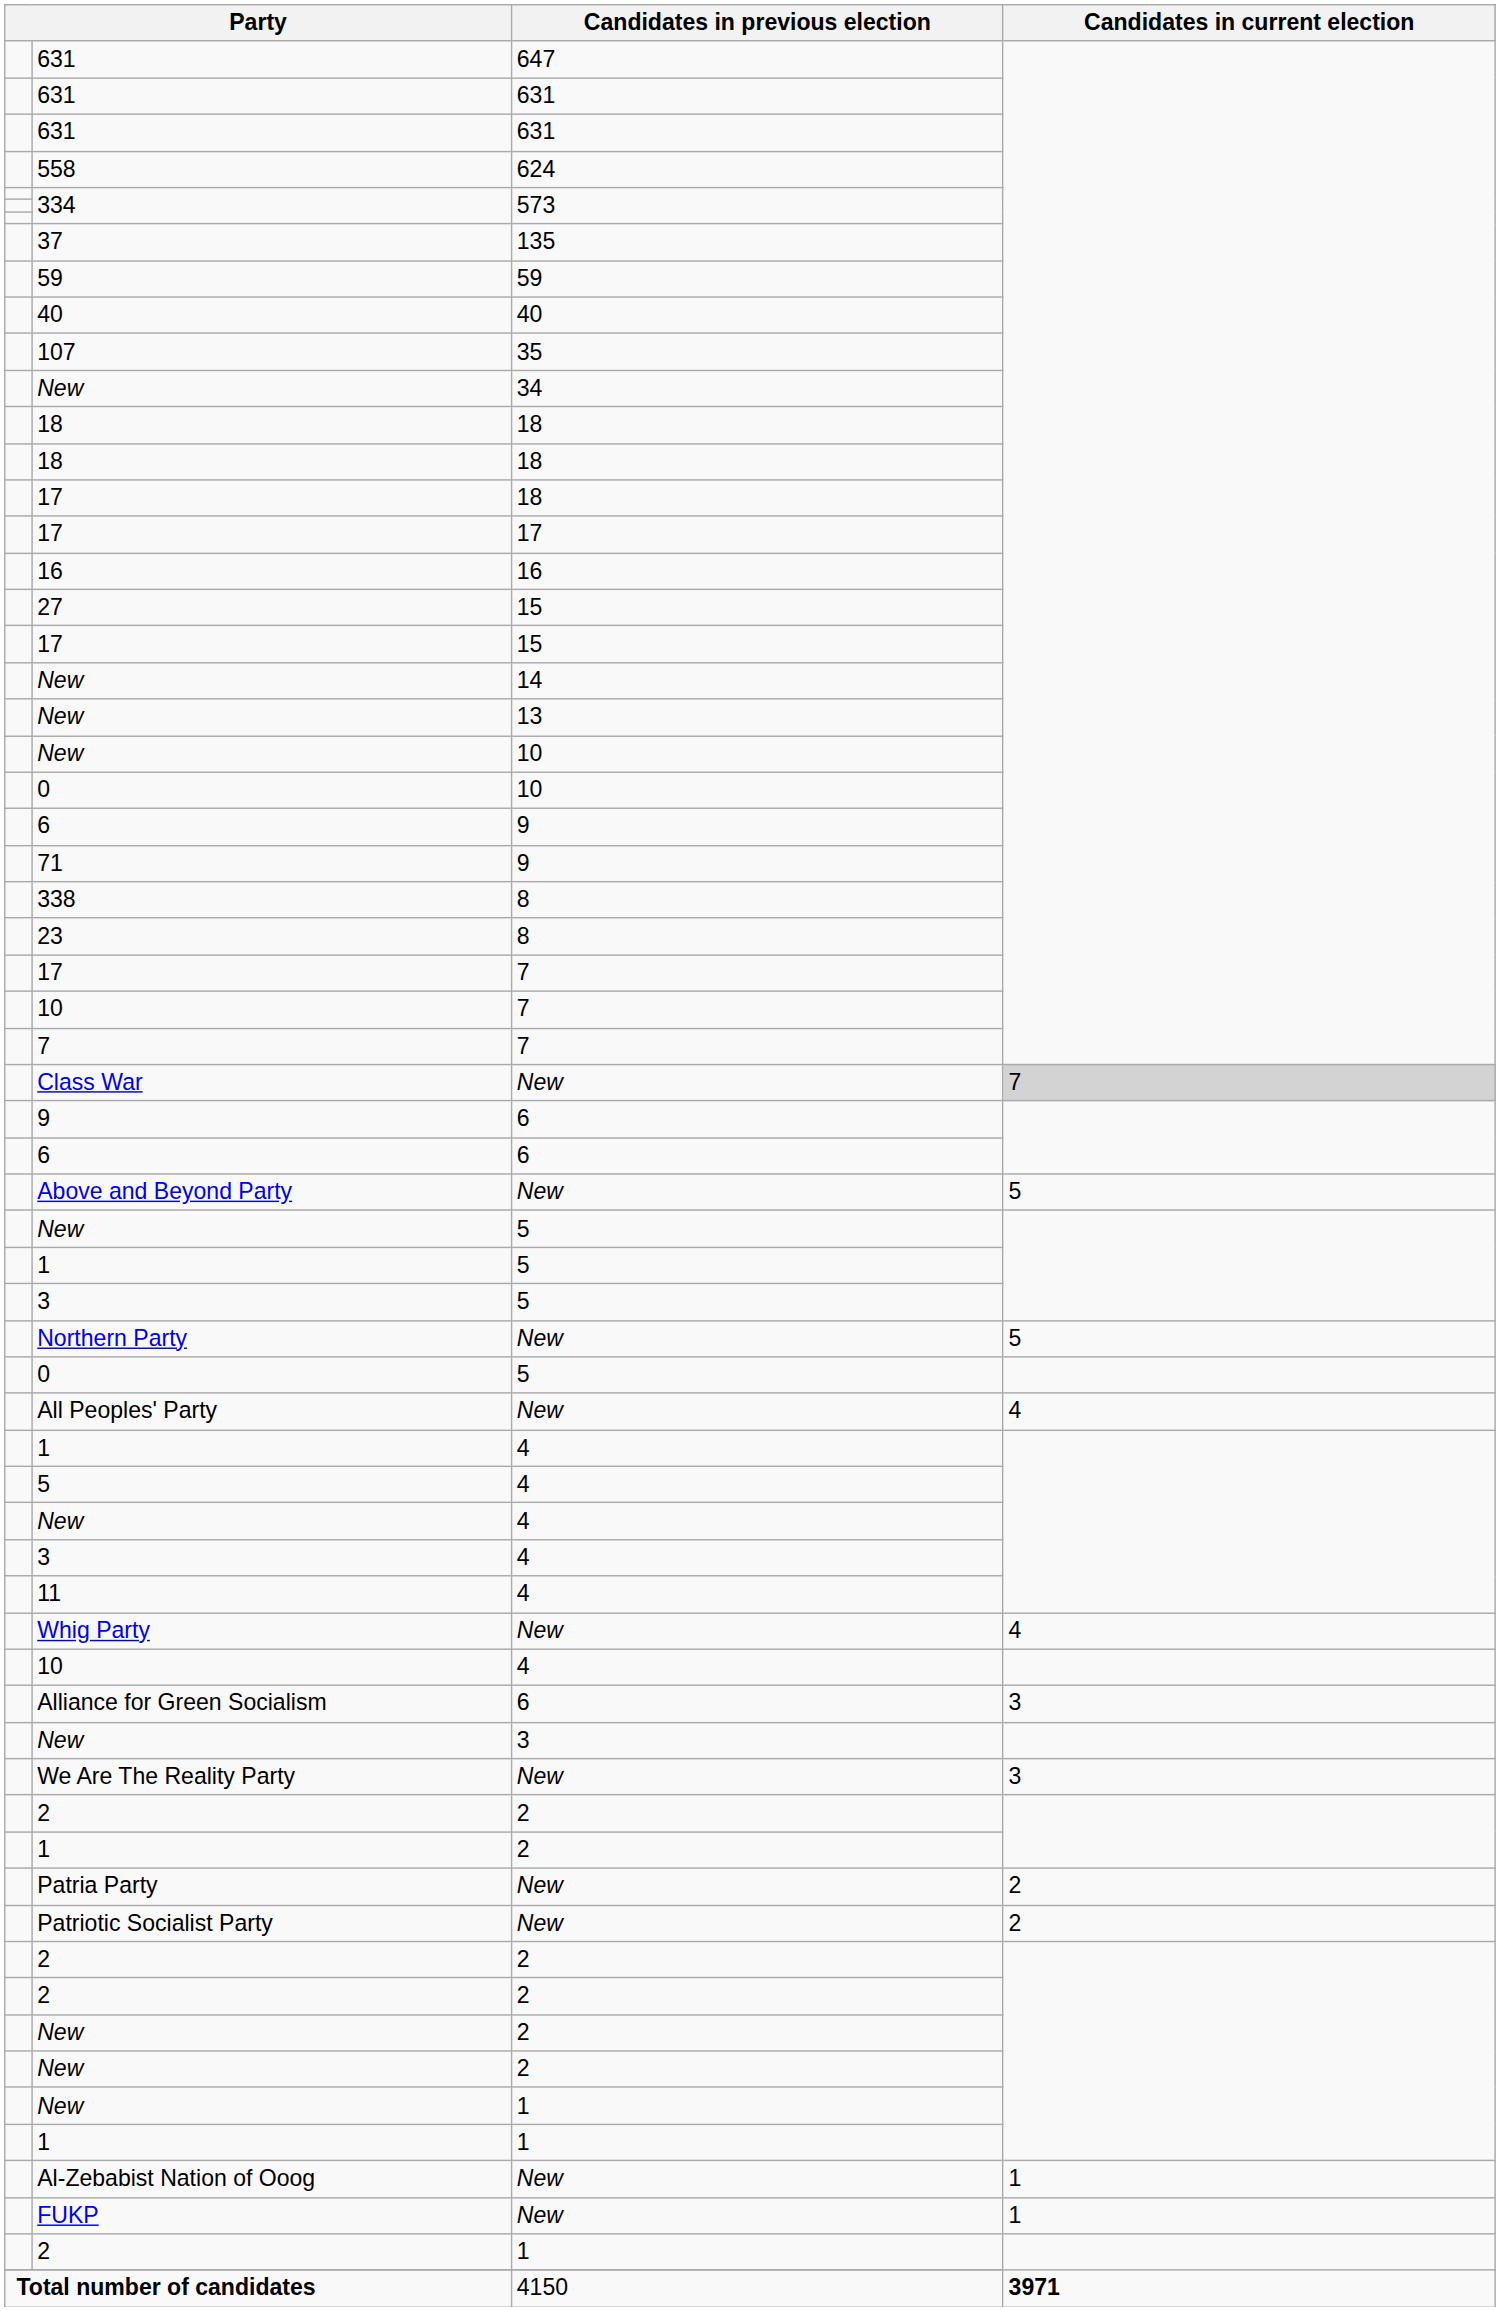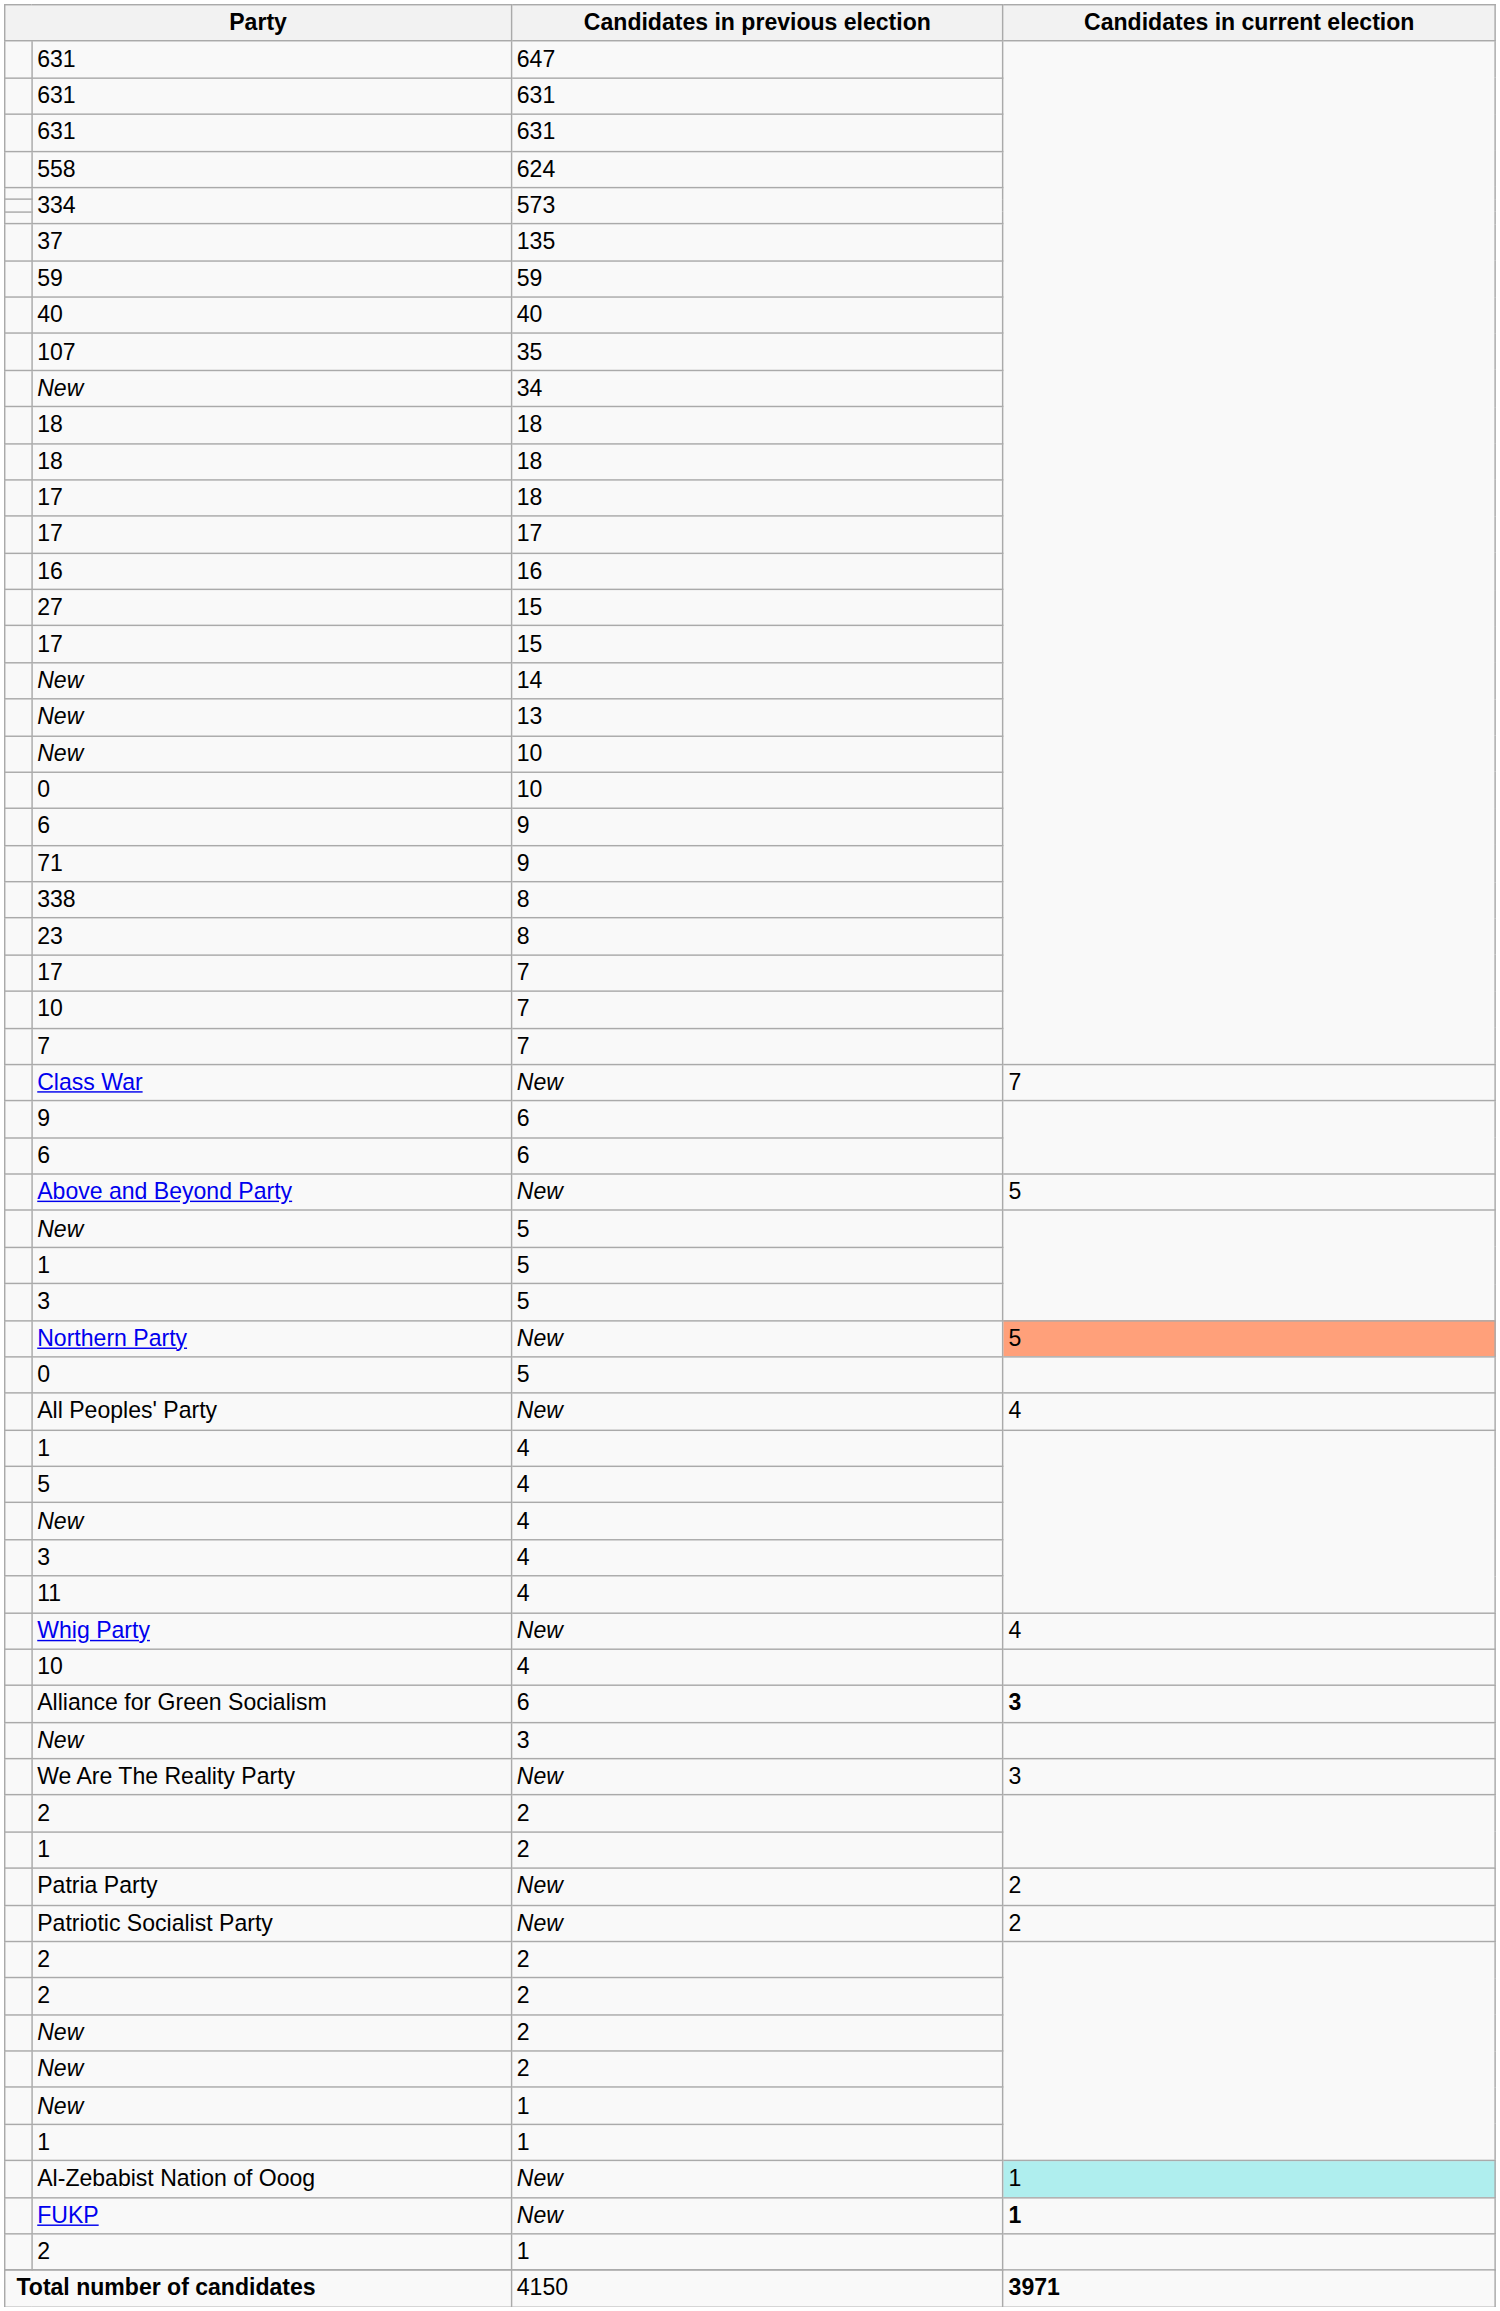 <table class="wikitable sortable" border="1">
 <tr>
 <th width="34%" colspan="2" style="text-align:center;vertical-align:middle;"><strong>Party</strong></th>
 <th width="33%">Candidates in previous election</th>
 <th width="33%"><strong>Candidates in current election</strong></th>
 </tr>
 <tr>
 <td></td>
 <td>631</td>
 <td>647</td>
 </tr>
 <tr>
 <td></td>
 <td>631</td>
 <td>631</td>
 </tr>
 <tr>
 <td></td>
 <td>631</td>
 <td>631</td>
 </tr>
 <tr>
 <td></td>
 <td>558</td>
 <td>624</td>
 </tr>
 <tr>
 <td></td>
 <td rowspan="3">334</td>
 <td rowspan="3">573</td>
 </tr>
 <tr>
 <td></td>
 </tr>
 <tr>
 <td></td>
 </tr>
 <tr>
 <td></td>
 <td>37</td>
 <td>135</td>
 </tr>
 <tr>
 <td></td>
 <td>59</td>
 <td>59</td>
 </tr>
 <tr>
 <td></td>
 <td>40</td>
 <td>40</td>
 </tr>
 <tr>
 <td></td>
 <td>107</td>
 <td>35</td>
 </tr>
 <tr>
 <td></td>
 <td><em>New</em></td>
 <td>34</td>
 </tr>
 <tr>
 <td></td>
 <td>18</td>
 <td>18</td>
 </tr>
 <tr>
 <td></td>
 <td>18</td>
 <td>18</td>
 </tr>
 <tr>
 <td></td>
 <td>17</td>
 <td>18</td>
 </tr>
 <tr>
 <td></td>
 <td>17</td>
 <td>17</td>
 </tr>
 <tr>
 <td></td>
 <td>16</td>
 <td>16</td>
 </tr>
 <tr>
 <td></td>
 <td>27</td>
 <td>15</td>
 </tr>
 <tr>
 <td></td>
 <td>17</td>
 <td>15</td>
 </tr>
 <tr>
 <td></td>
 <td><em>New</em></td>
 <td>14</td>
 </tr>
 <tr>
 <td></td>
 <td><em>New</em></td>
 <td>13</td>
 </tr>
 <tr>
 <td></td>
 <td><em>New</em></td>
 <td>10</td>
 </tr>
 <tr>
 <td></td>
 <td>0</td>
 <td>10</td>
 </tr>
 <tr>
 <td></td>
 <td>6</td>
 <td>9</td>
 </tr>
 <tr>
 <td></td>
 <td>71</td>
 <td>9</td>
 </tr>
 <tr>
 <td></td>
 <td>338</td>
 <td>8</td>
 </tr>
 <tr>
 <td></td>
 <td>23</td>
 <td>8</td>
 </tr>
 <tr>
 <td></td>
 <td>17</td>
 <td>7</td>
 </tr>
 <tr>
 <td></td>
 <td>10</td>
 <td>7</td>
 </tr>
 <tr>
 <td></td>
 <td>7</td>
 <td>7</td>
 </tr>
 <tr>
 <td style="background-color:"> </td>
 <td><a href='#'>Class War</a></td>
 <td><em>New</em></td>
-<td style="background: lightgrey;">7</td>
+<td>7</td>
 </tr>
 <tr>
 <td></td>
 <td>9</td>
 <td>6</td>
 </tr>
 <tr>
 <td></td>
 <td>6</td>
 <td>6</td>
 </tr>
 <tr>
 <td style="background-color:"> </td>
 <td><a href='#'>Above and Beyond Party</a></td>
 <td><em>New</em></td>
 <td>5</td>
 </tr>
 <tr>
 <td></td>
 <td><em>New</em></td>
 <td>5</td>
 </tr>
 <tr>
 <td></td>
 <td>1</td>
 <td>5</td>
 </tr>
 <tr>
 <td></td>
 <td>3</td>
 <td>5</td>
 </tr>
 <tr>
 <td style="background-color:"> </td>
 <td><a href='#'>Northern Party</a></td>
 <td><em>New</em></td>
-<td>5</td>
+<td style="background: lightsalmon;">5</td>
 </tr>
 <tr>
 <td></td>
 <td>0</td>
 <td>5</td>
 </tr>
 <tr>
 <td style="background-color:"> </td>
 <td>All Peoples' Party</td>
 <td><em>New</em></td>
 <td>4</td>
 </tr>
 <tr>
 <td></td>
 <td>1</td>
 <td>4</td>
 </tr>
 <tr>
 <td></td>
 <td>5</td>
 <td>4</td>
 </tr>
 <tr>
 <td></td>
 <td><em>New</em></td>
 <td>4</td>
 </tr>
 <tr>
 <td></td>
 <td>3</td>
 <td>4</td>
 </tr>
 <tr>
 <td></td>
 <td>11</td>
 <td>4</td>
 </tr>
 <tr>
 <td style="background-color:"> </td>
 <td><a href='#'>Whig Party</a></td>
 <td><em>New</em></td>
 <td>4</td>
 </tr>
 <tr>
 <td></td>
 <td>10</td>
 <td>4</td>
 </tr>
 <tr>
 <td style="background-color:"> </td>
 <td>Alliance for Green Socialism</td>
 <td>6</td>
-<td>3</td>
+<td><strong>3</strong></td>
 </tr>
 <tr>
 <td></td>
 <td><em>New</em></td>
 <td>3</td>
 </tr>
 <tr>
 <td style="background-color:"> </td>
 <td>We Are The Reality Party</td>
 <td><em>New</em></td>
 <td>3</td>
 </tr>
 <tr>
 <td></td>
 <td>2</td>
 <td>2</td>
 </tr>
 <tr>
 <td></td>
 <td>1</td>
 <td>2</td>
 </tr>
 <tr>
 <td style="background-color:"> </td>
 <td>Patria Party</td>
 <td><em>New</em></td>
 <td>2</td>
 </tr>
 <tr>
 <td style="background-color:"> </td>
 <td>Patriotic Socialist Party</td>
 <td><em>New</em></td>
 <td>2</td>
 </tr>
 <tr>
 <td></td>
 <td>2</td>
 <td>2</td>
 </tr>
 <tr>
 <td></td>
 <td>2</td>
 <td>2</td>
 </tr>
 <tr>
 <td></td>
 <td><em>New</em></td>
 <td>2</td>
 </tr>
 <tr>
 <td></td>
 <td><em>New</em></td>
 <td>2</td>
 </tr>
 <tr>
 <td></td>
 <td><em>New</em></td>
 <td>1</td>
 </tr>
 <tr>
 <td></td>
 <td>1</td>
 <td>1</td>
 </tr>
 <tr>
 <td style="background-color:"> </td>
 <td>Al-Zebabist Nation of Ooog</td>
 <td><em>New</em></td>
-<td>1</td>
+<td style="background: paleturquoise;">1</td>
 </tr>
 <tr>
 <td style="background-color:"> </td>
 <td><a href='#'>FUKP</a></td>
 <td><em>New</em></td>
-<td>1</td>
+<td><strong>1</strong></td>
 </tr>
 <tr>
 <td></td>
 <td>2</td>
 <td>1</td>
 </tr>
 <tr>
 </tr>
 <tr>
 <td colspan="2" rowspan="1"> <strong>Total number of candidates</strong><br></td>
 <td>4150</td>
 <td><strong>3971</strong></td>
 </tr>
 </table>
